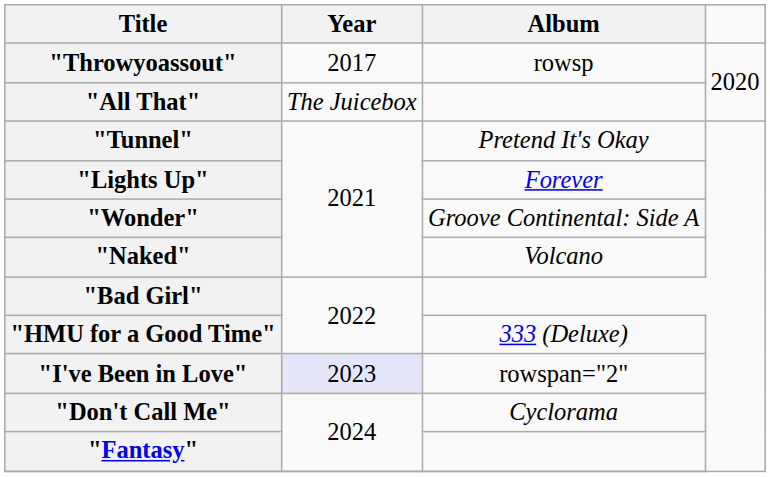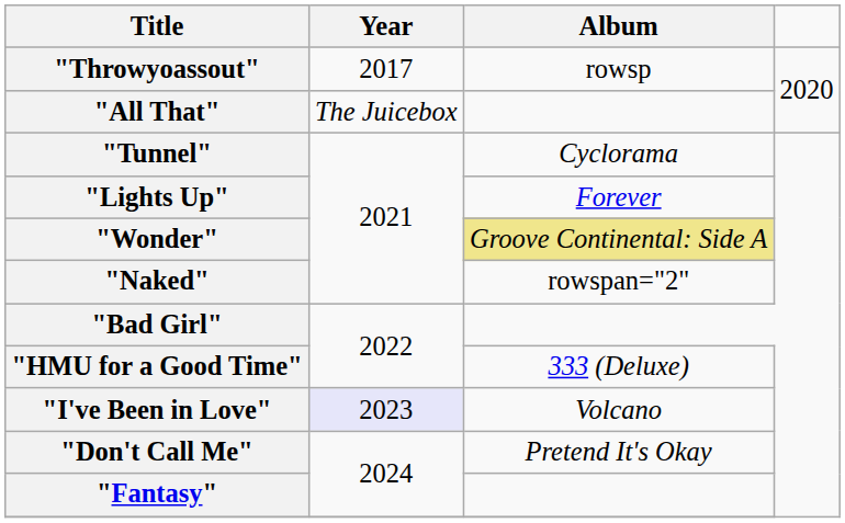 <table class="wikitable plainrowheaders" style="text-align:center;">
 <tr>
 <th>Title</th>
 <th>Year</th>
 <th>Album</th>
 </tr>
 <tr>
 <th scope="row">"Throwyoassout"<br></th>
 <td>2017</td>
 <td>rowsp</td>
 <td rowspan="2">2020</td>
 </tr>
 <tr>
 <th scope="row">"All That"<br></th>
 <td><em>The Juicebox</em></td>
 </tr>
 <tr>
 <th scope="row">"Tunnel"<br></th>
 <td rowspan="4">2021</td>
-<td><em>Pretend It's Okay</em></td>
+<td><em>Cyclorama</em></td>
 </tr>
 <tr>
 <th scope="row">"Lights Up"<br></th>
 <td><em><a href='#'>Forever</a></em></td>
 </tr>
 <tr>
 <th scope="row">"Wonder"<br></th>
-<td><em>Groove Continental: Side A</em></td>
+<td style="background: khaki;"><em>Groove Continental: Side A</em></td>
 </tr>
 <tr>
 <th scope="row">"Naked"<br></th>
-<td><em>Volcano</em></td>
+<td>rowspan="2" </td>
 </tr>
 <tr>
 <th scope="row">"Bad Girl"<br></th>
 <td rowspan="2">2022</td>
 </tr>
 <tr>
 <th scope="row">"HMU for a Good Time"<br></th>
 <td><em><a href='#'>333</a> (Deluxe)</em></td>
 </tr>
 <tr>
 <th scope="row">"I've Been in Love"<br></th>
 <td style="background: lavender;">2023</td>
-<td>rowspan="2" </td>
+<td><em>Volcano</em></td>
 </tr>
 <tr>
 <th scope="row">"Don't Call Me"<br></th>
 <td rowspan="2">2024</td>
-<td><em>Cyclorama</em></td>
+<td><em>Pretend It's Okay</em></td>
 </tr>
 <tr>
 <th scope="row">"<a href='#'>Fantasy</a>"<br></th>
 <td></td>
 </tr>
 <tr>
 </tr>
 </table>
